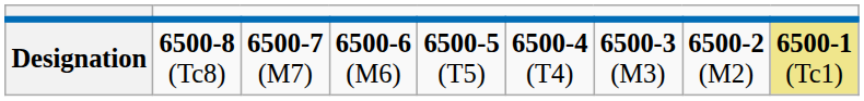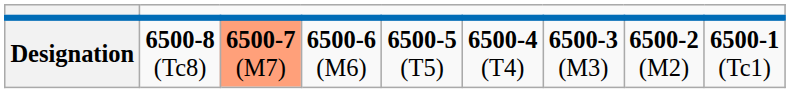 <table class="wikitable" style="text-align:center">
 <tr style="border-bottom: 4px solid #006CB6">
 <th></th>
 <td colspan="8"> </td>
 </tr>
 <tr>
 <th>Designation</th>
 <td><strong>6500-8</strong><br>(Tc8)</td>
-<td><strong>6500-7</strong><br>(M7)</td>
+<td style="background: lightsalmon;"><strong>6500-7</strong><br>(M7)</td>
 <td><strong>6500-6</strong><br>(M6)</td>
 <td><strong>6500-5</strong><br>(T5)</td>
 <td><strong>6500-4</strong><br>(T4)</td>
 <td><strong>6500-3</strong><br>(M3)</td>
 <td><strong>6500-2</strong><br>(M2)</td>
-<td style="background: khaki;"><strong>6500-1</strong><br>(Tc1)</td>
+<td><strong>6500-1</strong><br>(Tc1)</td>
 </tr>
 </table>
